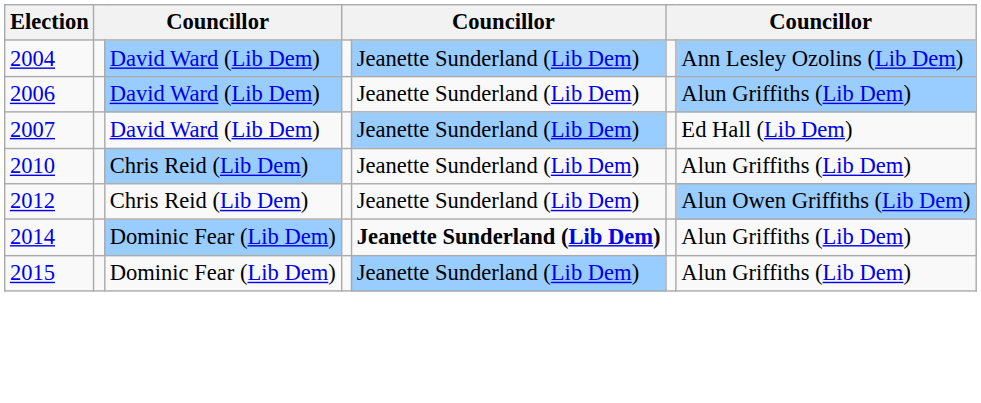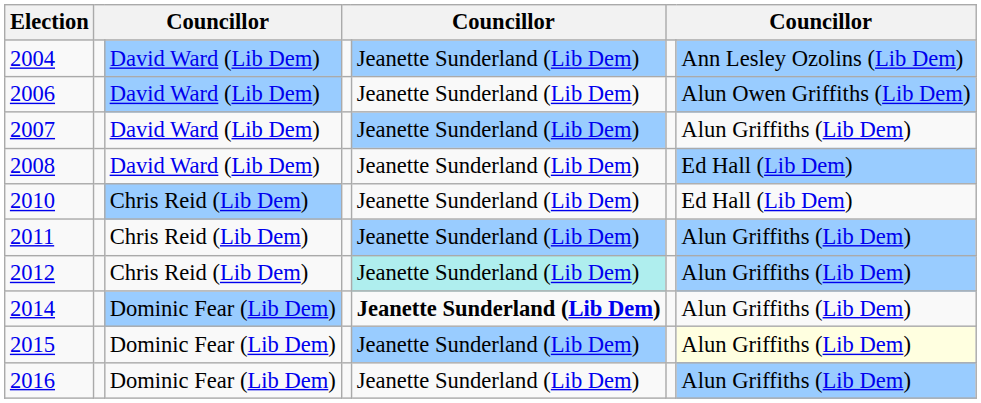 <table class="wikitable">
 <tr>
 <th>Election</th>
 <th colspan="2">Councillor</th>
 <th colspan="2">Councillor</th>
 <th colspan="2">Councillor</th>
 </tr>
 <tr>
 <td><a href='#'>2004</a></td>
 <td style="background-color: "></td>
 <td bgcolor="#99CCFF"><a href='#'>David Ward</a> (<a href='#'>Lib Dem</a>)</td>
 <td style="background-color: "></td>
 <td bgcolor="#99CCFF">Jeanette Sunderland (<a href='#'>Lib Dem</a>)</td>
 <td style="background-color: "></td>
 <td bgcolor="#99CCFF">Ann Lesley Ozolins (<a href='#'>Lib Dem</a>)</td>
 </tr>
 <tr>
 <td><a href='#'>2006</a></td>
 <td style="background-color: "></td>
 <td bgcolor="#99CCFF"><a href='#'>David Ward</a> (<a href='#'>Lib Dem</a>)</td>
 <td style="background-color: "></td>
 <td>Jeanette Sunderland (<a href='#'>Lib Dem</a>)</td>
 <td style="background-color: "></td>
-<td bgcolor="#99CCFF">Alun Griffiths (<a href='#'>Lib Dem</a>)</td>
+<td bgcolor="#99CCFF">Alun Owen Griffiths (<a href='#'>Lib Dem</a>)</td>
 </tr>
 <tr>
 <td><a href='#'>2007</a></td>
 <td style="background-color: "></td>
 <td><a href='#'>David Ward</a> (<a href='#'>Lib Dem</a>)</td>
 <td style="background-color: "></td>
 <td bgcolor="#99CCFF">Jeanette Sunderland (<a href='#'>Lib Dem</a>)</td>
 <td style="background-color: "></td>
-<td>Ed Hall (<a href='#'>Lib Dem</a>)</td>
+<td>Alun Griffiths (<a href='#'>Lib Dem</a>)</td>
+</tr>
+<tr>
+<td><a href='#'>2008</a></td>
+<td style="background-color: "></td>
+<td><a href='#'>David Ward</a> (<a href='#'>Lib Dem</a>)</td>
+<td style="background-color: "></td>
+<td>Jeanette Sunderland (<a href='#'>Lib Dem</a>)</td>
+<td style="background-color: "></td>
+<td bgcolor="#99CCFF">Ed Hall (<a href='#'>Lib Dem</a>)</td>
 </tr>
 <tr>
 <td><a href='#'>2010</a></td>
 <td style="background-color: "></td>
 <td bgcolor="#99CCFF">Chris Reid (<a href='#'>Lib Dem</a>)</td>
 <td style="background-color: "></td>
 <td>Jeanette Sunderland (<a href='#'>Lib Dem</a>)</td>
 <td style="background-color: "></td>
-<td>Alun Griffiths (<a href='#'>Lib Dem</a>)</td>
+<td>Ed Hall (<a href='#'>Lib Dem</a>)</td>
+</tr>
+<tr>
+<td><a href='#'>2011</a></td>
+<td style="background-color: "></td>
+<td>Chris Reid (<a href='#'>Lib Dem</a>)</td>
+<td style="background-color: "></td>
+<td bgcolor="#99CCFF">Jeanette Sunderland (<a href='#'>Lib Dem</a>)</td>
+<td style="background-color: "></td>
+<td bgcolor="#99CCFF">Alun Griffiths (<a href='#'>Lib Dem</a>)</td>
 </tr>
 <tr>
 <td><a href='#'>2012</a></td>
 <td style="background-color: "></td>
 <td>Chris Reid (<a href='#'>Lib Dem</a>)</td>
 <td style="background-color: "></td>
-<td>Jeanette Sunderland (<a href='#'>Lib Dem</a>)</td>
+<td style="background: paleturquoise;">Jeanette Sunderland (<a href='#'>Lib Dem</a>)</td>
 <td style="background-color: "></td>
-<td bgcolor="#99CCFF">Alun Owen Griffiths (<a href='#'>Lib Dem</a>)</td>
+<td bgcolor="#99CCFF">Alun Griffiths (<a href='#'>Lib Dem</a>)</td>
 </tr>
 <tr>
 <td><a href='#'>2014</a></td>
 <td style="background-color: "></td>
 <td bgcolor="#99CCFF">Dominic Fear (<a href='#'>Lib Dem</a>)</td>
 <td style="background-color: "></td>
 <td><strong>Jeanette Sunderland (<a href='#'>Lib Dem</a>)</strong></td>
 <td style="background-color: "></td>
 <td>Alun Griffiths (<a href='#'>Lib Dem</a>)</td>
 </tr>
 <tr>
 <td><a href='#'>2015</a></td>
 <td style="background-color: "></td>
 <td>Dominic Fear (<a href='#'>Lib Dem</a>)</td>
 <td style="background-color: "></td>
 <td bgcolor="#99CCFF">Jeanette Sunderland (<a href='#'>Lib Dem</a>)</td>
 <td style="background-color: "></td>
-<td>Alun Griffiths (<a href='#'>Lib Dem</a>)</td>
+<td style="background: lightyellow;">Alun Griffiths (<a href='#'>Lib Dem</a>)</td>
+</tr>
+<tr>
+<td><a href='#'>2016</a></td>
+<td style="background-color: "></td>
+<td>Dominic Fear (<a href='#'>Lib Dem</a>)</td>
+<td style="background-color: "></td>
+<td>Jeanette Sunderland (<a href='#'>Lib Dem</a>)</td>
+<td style="background-color: "></td>
+<td bgcolor="#99CCFF">Alun Griffiths (<a href='#'>Lib Dem</a>)</td>
 </tr>
 </table>
